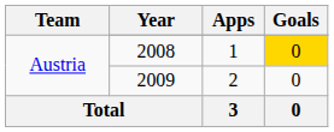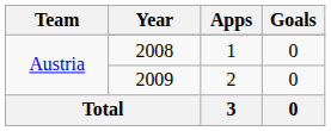 <table class="wikitable" style="text-align: center;">
 <tr>
 <th width="80">Team</th>
 <th width="70">Year</th>
 <th width="45">Apps</th>
 <th width="45">Goals</th>
 </tr>
 <tr>
 <td rowspan=3><a href='#'>Austria</a></td>
 </tr>
 <tr>
 <td>2008</td>
 <td>1</td>
-<td style="background: gold;">0</td>
+<td>0</td>
 </tr>
 <tr>
 <td>2009</td>
 <td>2</td>
 <td>0</td>
 </tr>
 <tr>
 <th colspan=2>Total</th>
 <th>3</th>
 <th>0</th>
 </tr>
 </table>
